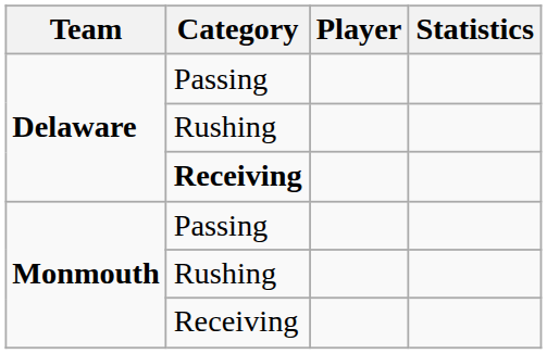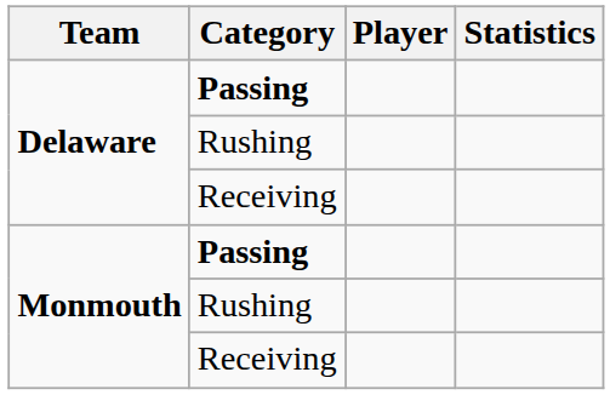 <table class="wikitable" style="float: right;">
 <tr>
 <th>Team</th>
 <th>Category</th>
 <th>Player</th>
 <th>Statistics</th>
 </tr>
 <tr>
 <td rowspan=3><strong>Delaware</strong></td>
-<td>Passing</td>
+<td><strong>Passing</strong></td>
 <td></td>
 <td></td>
 </tr>
 <tr>
 <td>Rushing</td>
 <td></td>
 <td></td>
 </tr>
 <tr>
-<td><strong>Receiving</strong></td>
+<td>Receiving</td>
 <td></td>
 <td></td>
 </tr>
 <tr>
 <td rowspan=3><strong>Monmouth</strong></td>
-<td>Passing</td>
+<td><strong>Passing</strong></td>
 <td></td>
 <td></td>
 </tr>
 <tr>
 <td>Rushing</td>
 <td></td>
 <td></td>
 </tr>
 <tr>
 <td>Receiving</td>
 <td></td>
 <td></td>
 </tr>
 </table>
